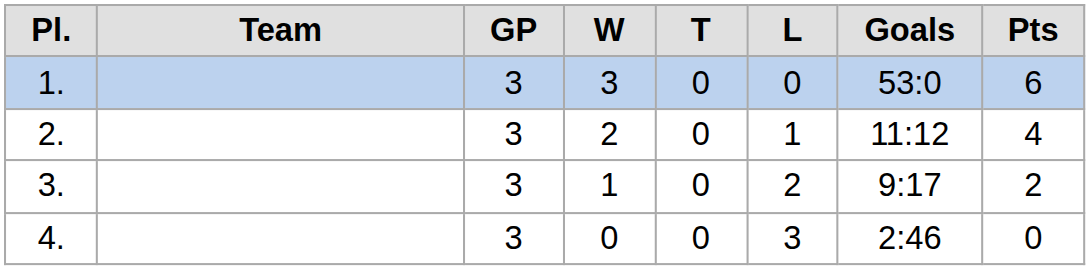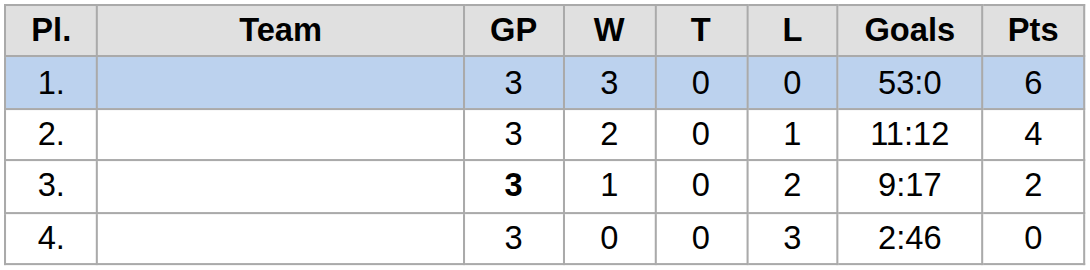 <table class="wikitable" width="60%">
 <tr style="font-weight:bold; background-color:#e0e0e0;" align="center" |>
 <td width="5%">Pl.</td>
 <td width="20%">Team</td>
 <td width="5%">GP</td>
 <td width="5%">W</td>
 <td width="5%">T</td>
 <td width="5%">L</td>
 <td width="5%">Goals</td>
 <td width="5%">Pts</td>
 </tr>
 <tr align="center" bgcolor="#BCD2EE">
 <td>1.</td>
 <td align="left"></td>
 <td>3</td>
 <td>3</td>
 <td>0</td>
 <td>0</td>
 <td>53:0</td>
 <td>6</td>
 </tr>
 <tr align="center" bgcolor="#FFFFFF">
 <td>2.</td>
 <td align="left"></td>
 <td>3</td>
 <td>2</td>
 <td>0</td>
 <td>1</td>
 <td>11:12</td>
 <td>4</td>
 </tr>
 <tr align="center" bgcolor="#FFFFFF">
 <td>3.</td>
 <td align="left"></td>
-<td>3</td>
+<td><strong>3</strong></td>
 <td>1</td>
 <td>0</td>
 <td>2</td>
 <td>9:17</td>
 <td>2</td>
 </tr>
 <tr align="center" bgcolor="#FFFFFF">
 <td>4.</td>
 <td align="left"></td>
 <td>3</td>
 <td>0</td>
 <td>0</td>
 <td>3</td>
 <td>2:46</td>
 <td>0</td>
 </tr>
 </table>
